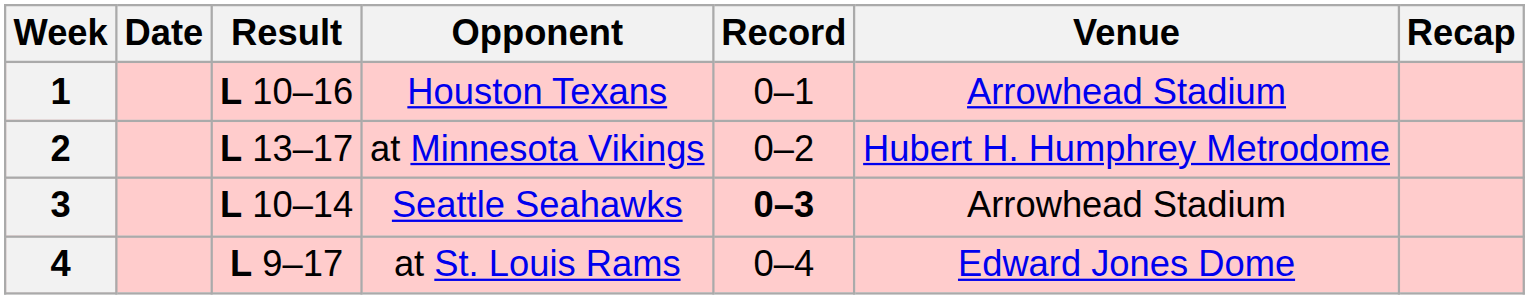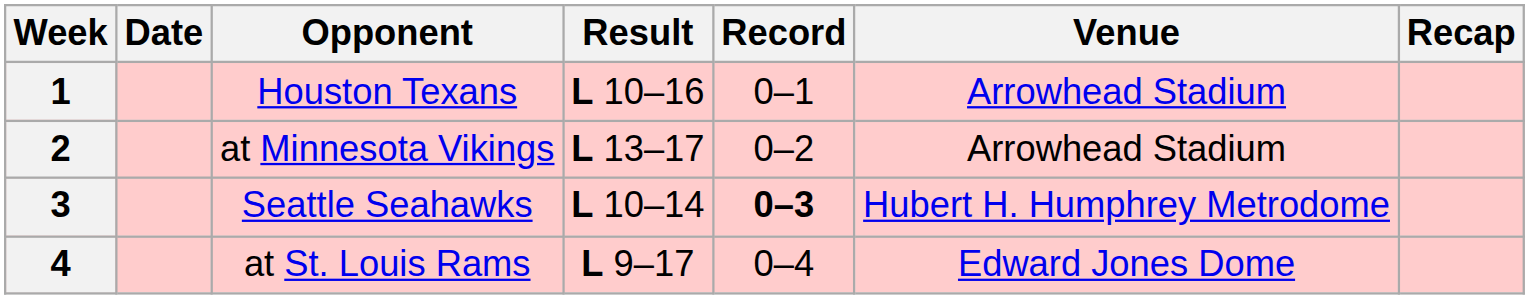 <table class="wikitable" style="text-align:center">
 <tr>
 <th>Week</th>
 <th>Date</th>
+<th>Opponent</th>
 <th>Result</th>
-<th>Opponent</th>
 <th>Record</th>
 <th>Venue</th>
 <th>Recap</th>
 </tr>
 <tr style="background:#fcc">
 <th>1</th>
 <td></td>
+<td><a href='#'>Houston Texans</a></td>
 <td><strong>L</strong> 10–16</td>
-<td><a href='#'>Houston Texans</a></td>
 <td>0–1</td>
 <td><a href='#'>Arrowhead Stadium</a></td>
 <td></td>
 </tr>
 <tr style="background:#fcc">
 <th>2</th>
 <td></td>
+<td>at <a href='#'>Minnesota Vikings</a></td>
 <td><strong>L</strong> 13–17</td>
-<td>at <a href='#'>Minnesota Vikings</a></td>
 <td>0–2</td>
-<td><a href='#'>Hubert H. Humphrey Metrodome</a></td>
+<td>Arrowhead Stadium</td>
 <td></td>
 </tr>
 <tr style="background:#fcc">
 <th>3</th>
 <td></td>
+<td><a href='#'>Seattle Seahawks</a></td>
 <td><strong>L</strong> 10–14</td>
-<td><a href='#'>Seattle Seahawks</a></td>
 <td><strong>0–3</strong></td>
-<td>Arrowhead Stadium</td>
+<td><a href='#'>Hubert H. Humphrey Metrodome</a></td>
 <td></td>
 </tr>
 <tr style="background:#fcc">
 <th>4</th>
 <td></td>
+<td>at <a href='#'>St. Louis Rams</a></td>
 <td><strong>L</strong> 9–17</td>
-<td>at <a href='#'>St. Louis Rams</a></td>
 <td>0–4</td>
 <td><a href='#'>Edward Jones Dome</a></td>
 <td></td>
 </tr>
 </table>
